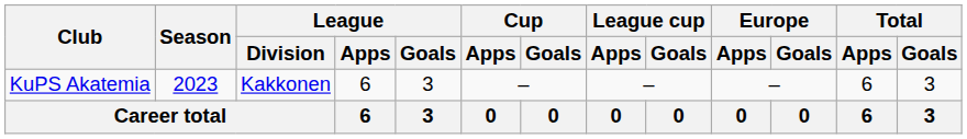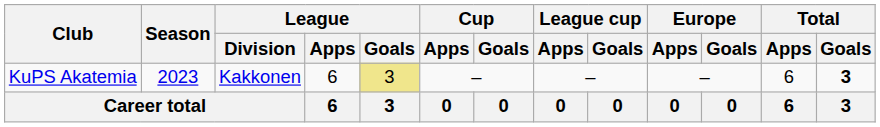 <table class="wikitable" style="text-align:center">
 <tr>
 <th rowspan="2">Club</th>
 <th rowspan="2">Season</th>
 <th colspan="3">League</th>
 <th colspan="2">Cup</th>
 <th colspan="2">League cup</th>
 <th colspan="2">Europe</th>
 <th colspan="2">Total</th>
 </tr>
 <tr>
 <th>Division</th>
 <th>Apps</th>
 <th>Goals</th>
 <th>Apps</th>
 <th>Goals</th>
 <th>Apps</th>
 <th>Goals</th>
 <th>Apps</th>
 <th>Goals</th>
 <th>Apps</th>
 <th>Goals</th>
 </tr>
 <tr>
 <td><a href='#'>KuPS Akatemia</a></td>
 <td><a href='#'>2023</a></td>
 <td><a href='#'>Kakkonen</a></td>
 <td>6</td>
-<td>3</td>
+<td style="background: khaki;">3</td>
 <td colspan=2>–</td>
 <td colspan=2>–</td>
 <td colspan=2>–</td>
 <td>6</td>
-<td>3</td>
+<td><strong>3</strong></td>
 </tr>
 <tr>
 <th colspan="3">Career total</th>
 <th>6</th>
 <th>3</th>
 <th>0</th>
 <th>0</th>
 <th>0</th>
 <th>0</th>
 <th>0</th>
 <th>0</th>
 <th>6</th>
 <th>3</th>
 </tr>
 </table>
